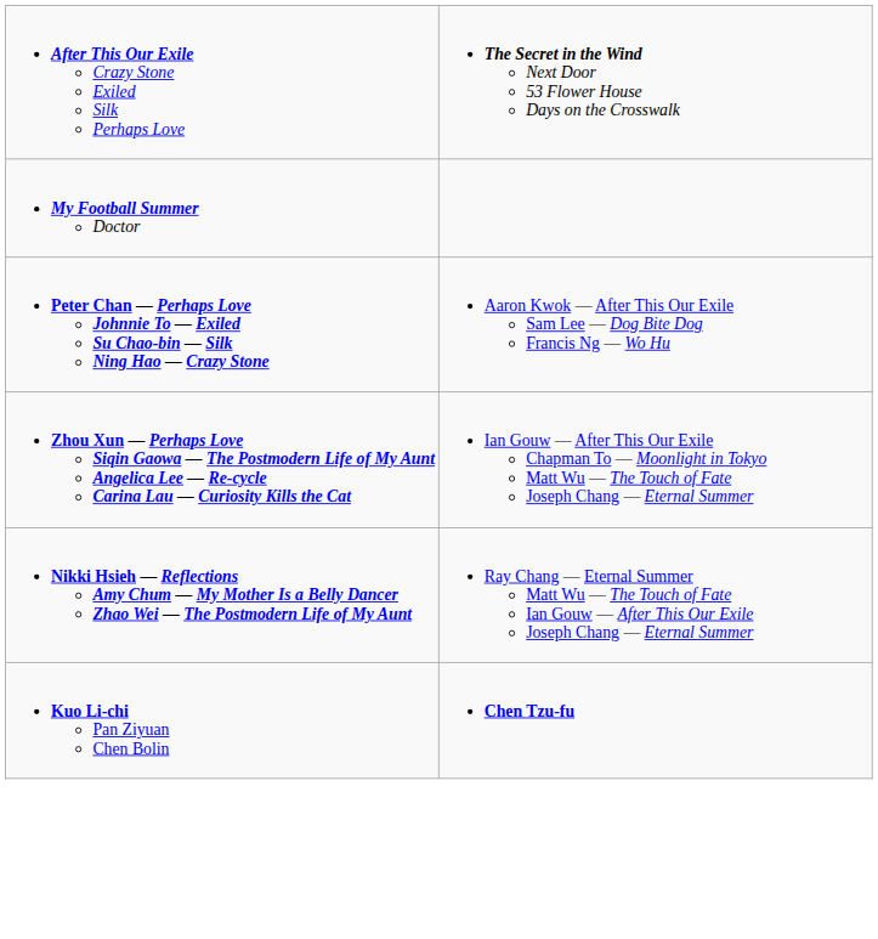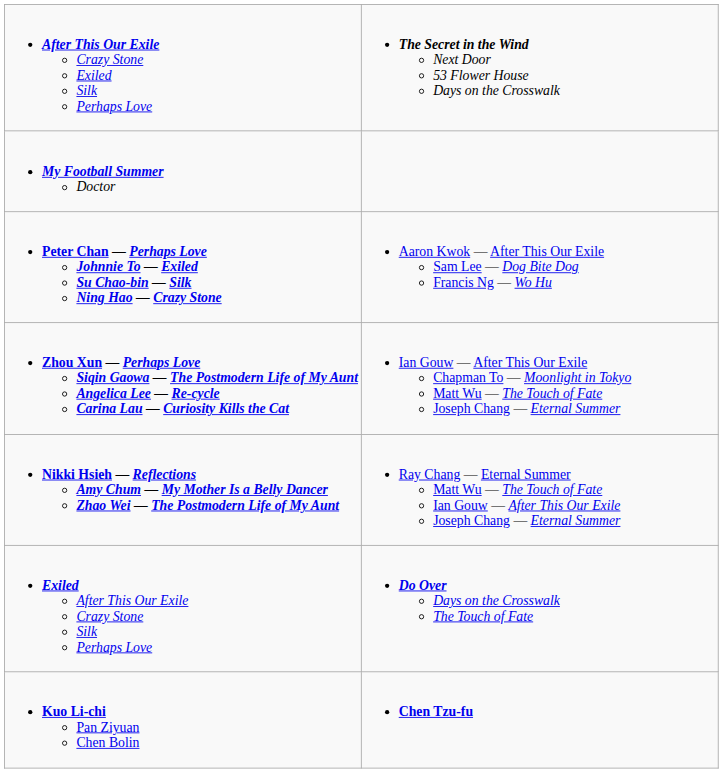 <table class=wikitable>
 <tr>
 <td valign="top" width="50%"><br><ul><li><strong><em><a href='#'>After This Our Exile</a></em></strong><ul><li><em><a href='#'>Crazy Stone</a></em></li><li><em><a href='#'>Exiled</a></em></li><li><em><a href='#'>Silk</a></em></li><li><em><a href='#'>Perhaps Love</a></em></li></ul></li></ul></td>
 <td valign="top" width="50%"><br><ul><li><strong><em>The Secret in the Wind</em></strong><ul><li><em>Next Door</em></li><li><em>53 Flower House</em></li><li><em>Days on the Crosswalk</em></li></ul></li></ul></td>
 </tr>
 <tr>
 <td valign="top" width="50%"><br><ul><li><strong><em><a href='#'>My Football Summer</a></em></strong><ul><li><em>Doctor</em></li></ul></li></ul></td>
 <td valign="top" width="50%"><br> </td>
 </tr>
 <tr>
 <td valign="top" width="50%"><br><ul><li><strong><a href='#'>Peter Chan</a> — <em><a href='#'>Perhaps Love</a><strong><em><ul><li><a href='#'>Johnnie To</a>  — </em><a href='#'>Exiled</a><em></li><li><a href='#'>Su Chao-bin</a> — </em><a href='#'>Silk</a><em></li><li><a href='#'>Ning Hao</a> — </em><a href='#'>Crazy Stone</a><em></li></ul></li></ul></td>
 <td valign="top" width="50%"><br><ul><li></strong><a href='#'>Aaron Kwok</a> — </em><a href='#'>After This Our Exile</a></em></strong><ul><li><a href='#'>Sam Lee</a> — <em><a href='#'>Dog Bite Dog</a></em></li><li><a href='#'>Francis Ng</a> — <em><a href='#'>Wo Hu</a></em></li></ul></li></ul></td>
 </tr>
 <tr>
 <td valign="top" width="50%"><br><ul><li><strong><a href='#'>Zhou Xun</a> — <em><a href='#'>Perhaps Love</a><strong><em><ul><li><a href='#'>Siqin Gaowa</a> — </em><a href='#'>The Postmodern Life of My Aunt</a><em></li><li><a href='#'>Angelica Lee</a> — </em><a href='#'>Re-cycle</a><em></li><li><a href='#'>Carina Lau</a> — </em><a href='#'>Curiosity Kills the Cat</a><em></li></ul></li></ul></td>
 <td valign="top" width="50%"><br><ul><li></strong><a href='#'>Ian Gouw</a> — </em><a href='#'>After This Our Exile</a></em></strong><ul><li><a href='#'>Chapman To</a> — <em><a href='#'>Moonlight in Tokyo</a></em></li><li><a href='#'>Matt Wu</a> — <em><a href='#'>The Touch of Fate</a></em></li><li><a href='#'>Joseph Chang</a> — <em><a href='#'>Eternal Summer</a></em></li></ul></li></ul></td>
 </tr>
 <tr>
 <td valign="top" width="50%"><br><ul><li><strong><a href='#'>Nikki Hsieh</a> — <em><a href='#'>Reflections</a><strong><em><ul><li><a href='#'>Amy Chum</a> — </em><a href='#'>My Mother Is a Belly Dancer</a><em></li><li><a href='#'>Zhao Wei</a> — </em><a href='#'>The Postmodern Life of My Aunt</a><em></li></ul></li></ul></td>
 <td valign="top" width="50%"><br><ul><li></strong><a href='#'>Ray Chang</a> — </em><a href='#'>Eternal Summer</a></em></strong><ul><li><a href='#'>Matt Wu</a> — <em><a href='#'>The Touch of Fate</a></em></li><li><a href='#'>Ian Gouw</a> — <em><a href='#'>After This Our Exile</a></em></li><li><a href='#'>Joseph Chang</a> — <em><a href='#'>Eternal Summer</a></em></li></ul></li></ul></td>
 </tr>
 <tr>
+<td valign="top" width="50%"><br><ul><li><strong><em><a href='#'>Exiled</a></em></strong><ul><li><em><a href='#'>After This Our Exile</a></em></li><li><em><a href='#'>Crazy Stone</a></em></li><li><em><a href='#'>Silk</a></em></li><li><em><a href='#'>Perhaps Love</a></em></li></ul></li></ul></td>
+<td valign="top" width="50%"><br><ul><li><strong><em><a href='#'>Do Over</a></em></strong><ul><li><em><a href='#'>Days on the Crosswalk</a></em></li><li><em><a href='#'>The Touch of Fate</a></em></li></ul></li></ul></td>
+</tr>
+<tr>
 <td valign="top" width="50%"><br><ul><li><strong><a href='#'>Kuo Li-chi</a></strong><ul><li><a href='#'>Pan Ziyuan</a></li><li><a href='#'>Chen Bolin</a></li></ul></li></ul></td>
 <td valign="top" width="50%"><br><ul><li><strong><a href='#'>Chen Tzu-fu</a></strong></li></ul></td>
 </tr>
 </table>
